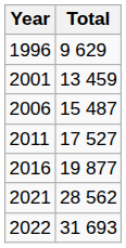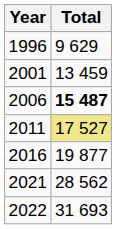 <table class="wikitable">
 <tr>
 <th>Year</th>
 <th>Total</th>
 </tr>
 <tr>
 <td>1996</td>
 <td>9 629</td>
 </tr>
 <tr>
 <td>2001</td>
 <td>13 459</td>
 </tr>
 <tr>
 <td>2006</td>
-<td>15 487</td>
+<td><strong>15 487</strong></td>
 </tr>
 <tr>
 <td>2011</td>
-<td>17 527</td>
+<td style="background: khaki;">17 527</td>
 </tr>
 <tr>
 <td>2016</td>
 <td>19 877</td>
 </tr>
 <tr>
 <td>2021</td>
 <td>28 562</td>
 </tr>
 <tr>
 <td>2022</td>
 <td>31 693</td>
 </tr>
 </table>
